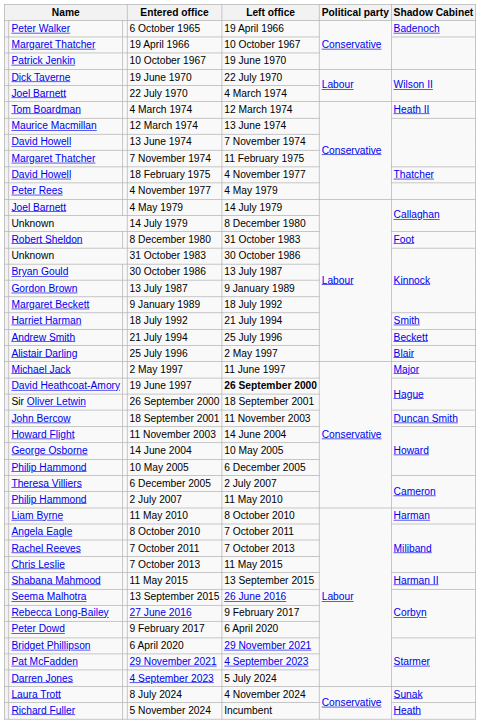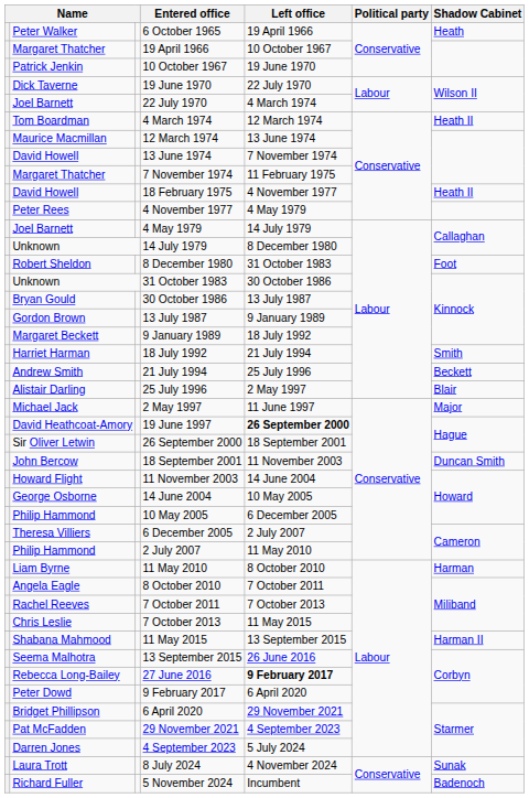 <table class="wikitable">
 <tr>
 <th colspan=3>Name</th>
 <th>Entered office</th>
 <th>Left office</th>
 <th>Political party</th>
 <th>Shadow Cabinet</th>
 </tr>
 <tr>
 <th style="background-color: "></th>
 <td><a href='#'>Peter Walker</a></td>
 <td></td>
 <td>6 October 1965</td>
 <td>19 April 1966</td>
 <td rowspan="3"><a href='#'>Conservative</a></td>
-<td><a href='#'>Badenoch</a></td>
+<td><a href='#'>Heath</a></td>
 </tr>
 <tr>
 <th style="background-color: "></th>
 <td><a href='#'>Margaret Thatcher</a></td>
 <td></td>
 <td>19 April 1966</td>
 <td>10 October 1967</td>
 </tr>
 <tr>
 <th style="background-color: "></th>
 <td><a href='#'>Patrick Jenkin</a></td>
 <td></td>
 <td>10 October 1967</td>
 <td>19 June 1970</td>
 </tr>
 <tr>
 <th style="background-color: "></th>
 <td><a href='#'>Dick Taverne</a></td>
 <td></td>
 <td>19 June 1970</td>
 <td>22 July 1970</td>
 <td rowspan="2"><a href='#'>Labour</a></td>
 <td rowspan="2" ><a href='#'>Wilson II</a></td>
 </tr>
 <tr>
 <th style="background-color: "></th>
 <td><a href='#'>Joel Barnett</a></td>
 <td></td>
 <td>22 July 1970</td>
 <td>4 March 1974</td>
 </tr>
 <tr>
 <th style="background-color: "></th>
 <td><a href='#'>Tom Boardman</a></td>
 <td></td>
 <td>4 March 1974</td>
 <td>12 March 1974</td>
 <td rowspan="6"><a href='#'>Conservative</a></td>
 <td><a href='#'>Heath II</a></td>
 </tr>
 <tr>
 <th style="background-color: "></th>
 <td><a href='#'>Maurice Macmillan</a></td>
 <td></td>
 <td>12 March 1974</td>
 <td>13 June 1974</td>
 </tr>
 <tr>
 <th style="background-color: "></th>
 <td><a href='#'>David Howell</a></td>
 <td></td>
 <td>13 June 1974</td>
 <td>7 November 1974</td>
 </tr>
 <tr>
 <th style="background-color: "></th>
 <td><a href='#'>Margaret Thatcher</a></td>
 <td></td>
 <td>7 November 1974</td>
 <td>11 February 1975</td>
 </tr>
 <tr>
 <th style="background-color: "></th>
 <td><a href='#'>David Howell</a></td>
 <td></td>
 <td>18 February 1975</td>
 <td>4 November 1977</td>
-<td><a href='#'>Thatcher</a></td>
+<td><a href='#'>Heath II</a></td>
 </tr>
 <tr>
 <th style="background-color: "></th>
 <td><a href='#'>Peter Rees</a></td>
 <td></td>
 <td>4 November 1977</td>
 <td>4 May 1979</td>
 </tr>
 <tr>
 <th style="background-color: "></th>
 <td><a href='#'>Joel Barnett</a></td>
 <td></td>
 <td>4 May 1979</td>
 <td>14 July 1979</td>
 <td rowspan="12"><a href='#'>Labour</a></td>
 <td rowspan="2" ><a href='#'>Callaghan</a></td>
 </tr>
 <tr>
 <th style="background-color: "></th>
 <td colspan="2">Unknown</td>
 <td>14 July 1979</td>
 <td>8 December 1980</td>
 </tr>
 <tr>
 <th style="background-color: "></th>
 <td><a href='#'>Robert Sheldon</a></td>
 <td></td>
 <td>8 December 1980</td>
 <td>31 October 1983</td>
 <td><a href='#'>Foot</a></td>
 </tr>
 <tr>
 <th style="background-color: "></th>
 <td colspan="2">Unknown</td>
 <td>31 October 1983</td>
 <td>30 October 1986</td>
 <td rowspan="4" ><a href='#'>Kinnock</a></td>
 </tr>
 <tr>
 <th style="background-color: "></th>
 <td><a href='#'>Bryan Gould</a></td>
 <td></td>
 <td>30 October 1986</td>
 <td>13 July 1987</td>
 </tr>
 <tr>
 <th style="background-color: "></th>
 <td><a href='#'>Gordon Brown</a></td>
 <td></td>
 <td>13 July 1987</td>
 <td>9 January 1989</td>
 </tr>
 <tr>
 <th style="background-color: "></th>
 <td><a href='#'>Margaret Beckett</a></td>
 <td></td>
 <td>9 January 1989</td>
 <td>18 July 1992</td>
 </tr>
 <tr>
 <th rowspan="2" style="background-color: "></th>
 <td rowspan="2"><a href='#'>Harriet Harman</a></td>
 <td rowspan="2"></td>
 <td rowspan="2">18 July 1992</td>
 <td rowspan="2">21 July 1994</td>
 <td><a href='#'>Smith</a></td>
 </tr>
 <tr>
 <td rowspan="2" ><a href='#'>Beckett</a></td>
 </tr>
 <tr>
 <th rowspan="2" style="background-color: "></th>
 <td rowspan="2"><a href='#'>Andrew Smith</a></td>
 <td rowspan="2"></td>
 <td rowspan="2">21 July 1994</td>
 <td rowspan="2">25 July 1996</td>
 </tr>
 <tr>
 <td rowspan="2" ><a href='#'>Blair</a></td>
 </tr>
 <tr>
 <th style="background-color: "></th>
 <td><a href='#'>Alistair Darling</a></td>
 <td></td>
 <td>25 July 1996</td>
 <td>2 May 1997</td>
 </tr>
 <tr>
 <th style="background-color: "></th>
 <td><a href='#'>Michael Jack</a></td>
 <td></td>
 <td>2 May 1997</td>
 <td>11 June 1997</td>
 <td rowspan="9"><a href='#'>Conservative</a></td>
 <td><a href='#'>Major</a></td>
 </tr>
 <tr>
 <th style="background-color: "></th>
 <td><a href='#'>David Heathcoat-Amory</a></td>
 <td></td>
 <td>19 June 1997</td>
 <td><strong>26 September 2000</strong></td>
 <td rowspan="2" ><a href='#'>Hague</a></td>
 </tr>
 <tr>
 <th style="background-color: "></th>
 <td>Sir <a href='#'>Oliver Letwin</a></td>
 <td></td>
 <td>26 September 2000</td>
 <td>18 September 2001</td>
 </tr>
 <tr>
 <th style="background-color: "></th>
 <td><a href='#'>John Bercow</a></td>
 <td></td>
 <td>18 September 2001</td>
 <td>11 November 2003</td>
 <td><a href='#'>Duncan Smith</a></td>
 </tr>
 <tr>
 <th style="background-color: "></th>
 <td><a href='#'>Howard Flight</a></td>
 <td></td>
 <td>11 November 2003</td>
 <td>14 June 2004</td>
 <td rowspan="3" ><a href='#'>Howard</a></td>
 </tr>
 <tr>
 <th style="background-color: "></th>
 <td><a href='#'>George Osborne</a></td>
 <td></td>
 <td>14 June 2004</td>
 <td>10 May 2005</td>
 </tr>
 <tr>
 <th style="background-color: "></th>
 <td><a href='#'>Philip Hammond</a></td>
 <td></td>
 <td>10 May 2005</td>
 <td>6 December 2005</td>
 </tr>
 <tr>
 <th style="background-color: "></th>
 <td><a href='#'>Theresa Villiers</a></td>
 <td></td>
 <td>6 December 2005</td>
 <td>2 July 2007</td>
 <td rowspan="2" ><a href='#'>Cameron</a></td>
 </tr>
 <tr>
 <th style="background-color: "></th>
 <td><a href='#'>Philip Hammond</a></td>
 <td></td>
 <td>2 July 2007</td>
 <td>11 May 2010</td>
 </tr>
 <tr>
 <th style="background-color: "></th>
 <td><a href='#'>Liam Byrne</a></td>
 <td></td>
 <td>11 May 2010</td>
 <td>8 October 2010</td>
 <td rowspan="11"><a href='#'>Labour</a></td>
 <td><a href='#'>Harman</a></td>
 </tr>
 <tr>
 <th style="background-color: "></th>
 <td><a href='#'>Angela Eagle</a></td>
 <td></td>
 <td>8 October 2010</td>
 <td>7 October 2011</td>
 <td rowspan="3" ><a href='#'>Miliband</a></td>
 </tr>
 <tr>
 <th style="background-color: "></th>
 <td><a href='#'>Rachel Reeves</a></td>
 <td></td>
 <td>7 October 2011</td>
 <td>7 October 2013</td>
 </tr>
 <tr>
 <th style="background-color: "></th>
 <td><a href='#'>Chris Leslie</a></td>
 <td></td>
 <td>7 October 2013</td>
 <td>11 May 2015</td>
 </tr>
 <tr>
 <th style="background-color: "></th>
 <td><a href='#'>Shabana Mahmood</a></td>
 <td></td>
 <td>11 May 2015</td>
 <td>13 September 2015</td>
 <td><a href='#'>Harman II</a></td>
 </tr>
 <tr>
 <th style="background-color: "></th>
 <td><a href='#'>Seema Malhotra</a></td>
 <td></td>
 <td>13 September 2015</td>
 <td><a href='#'>26 June 2016</a></td>
 <td rowspan="3" ><a href='#'>Corbyn</a></td>
 </tr>
 <tr>
 <th style="background-color: "></th>
 <td><a href='#'>Rebecca Long-Bailey</a></td>
 <td></td>
 <td><a href='#'>27 June 2016</a></td>
-<td>9 February 2017</td>
+<td><strong>9 February 2017</strong></td>
 </tr>
 <tr>
 <th style="background-color: "></th>
 <td><a href='#'>Peter Dowd</a></td>
 <td></td>
 <td>9 February 2017</td>
 <td>6 April 2020</td>
 </tr>
 <tr>
 <th style="background-color: "></th>
 <td><a href='#'>Bridget Phillipson</a></td>
 <td></td>
 <td>6 April 2020</td>
 <td><a href='#'>29 November 2021</a></td>
 <td rowspan="3" ><a href='#'>Starmer</a></td>
 </tr>
 <tr>
 <th style="background-color: "></th>
 <td><a href='#'>Pat McFadden</a></td>
 <td></td>
 <td><a href='#'>29 November 2021</a></td>
 <td><a href='#'>4 September 2023</a></td>
 </tr>
 <tr>
 <th style="background-color: "></th>
 <td><a href='#'>Darren Jones</a></td>
 <td></td>
 <td><a href='#'>4 September 2023</a></td>
 <td>5 July 2024</td>
 </tr>
 <tr>
 <th style="background-color: "></th>
 <td><a href='#'>Laura Trott</a></td>
 <td></td>
 <td>8 July 2024</td>
 <td>4 November 2024</td>
 <td rowspan="2"><a href='#'>Conservative</a></td>
 <td><a href='#'>Sunak</a></td>
 </tr>
 <tr>
 <th style="background-color: "></th>
 <td><a href='#'>Richard Fuller</a></td>
 <td></td>
 <td>5 November 2024</td>
 <td>Incumbent</td>
-<td><a href='#'>Heath</a></td>
+<td><a href='#'>Badenoch</a></td>
 </tr>
 </table>
